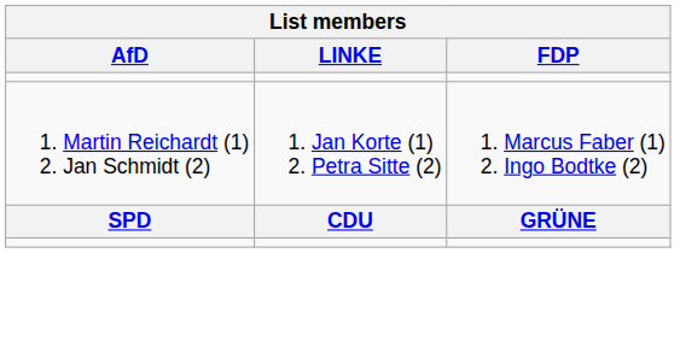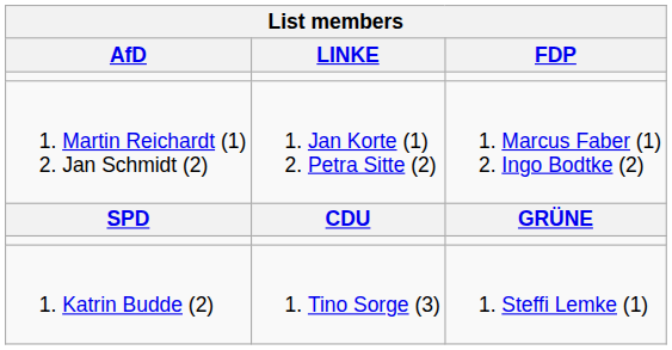 <table class=wikitable>
 <tr>
 <th colspan=3>List members</th>
 </tr>
 <tr>
 <th><a href='#'>AfD</a></th>
 <th><a href='#'>LINKE</a></th>
 <th><a href='#'>FDP</a></th>
 </tr>
 <tr>
 <td bgcolor=></td>
 <td bgcolor=></td>
 <td bgcolor=></td>
 </tr>
 <tr>
 <td><br><ol><li><a href='#'>Martin Reichardt</a> (1)</li><li>Jan Schmidt (2)</li></ol></td>
 <td><br><ol><li><a href='#'>Jan Korte</a> (1)</li><li><a href='#'>Petra Sitte</a> (2)</li></ol></td>
 <td><br><ol><li><a href='#'>Marcus Faber</a> (1)</li><li><a href='#'>Ingo Bodtke</a> (2)</li></ol></td>
 </tr>
 <tr>
 <th><a href='#'>SPD</a></th>
 <th><a href='#'>CDU</a></th>
 <th><a href='#'>GRÜNE</a></th>
 </tr>
 <tr>
 <td bgcolor=></td>
 <td bgcolor=></td>
 <td bgcolor=></td>
 </tr>
+<tr>
+<td><br><ol><li><a href='#'>Katrin Budde</a> (2)</li></ol></td>
+<td><br><ol><li><a href='#'>Tino Sorge</a> (3)</li></ol></td>
+<td><br><ol><li><a href='#'>Steffi Lemke</a> (1)</li></ol></td>
+</tr>
 </table>
